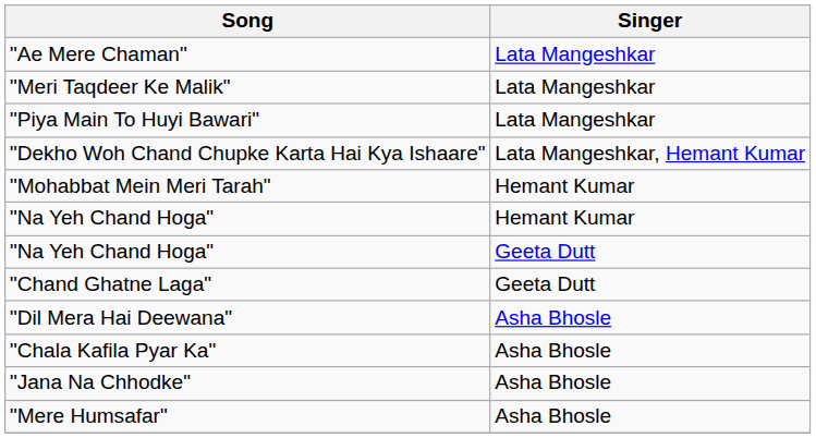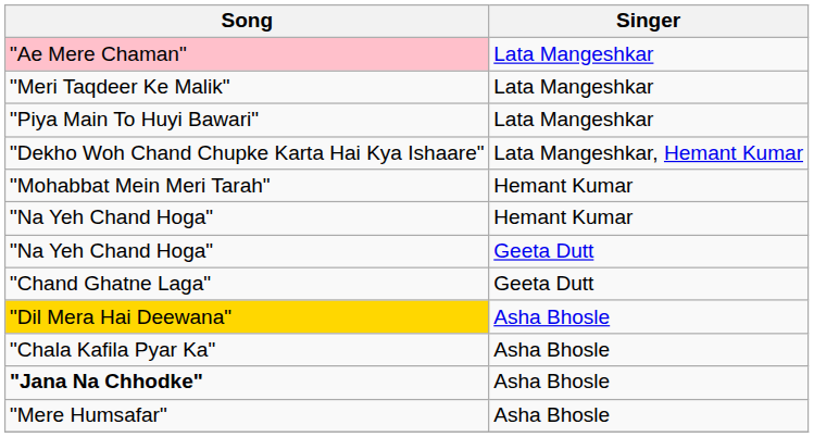 <table class="wikitable">
 <tr>
 <th>Song</th>
 <th>Singer</th>
 </tr>
 <tr>
-<td>"Ae Mere Chaman"</td>
+<td style="background: pink;">"Ae Mere Chaman"</td>
 <td><a href='#'>Lata Mangeshkar</a></td>
 </tr>
 <tr>
 <td>"Meri Taqdeer Ke Malik"</td>
 <td>Lata Mangeshkar</td>
 </tr>
 <tr>
 <td>"Piya Main To Huyi Bawari"</td>
 <td>Lata Mangeshkar</td>
 </tr>
 <tr>
 <td>"Dekho Woh Chand Chupke Karta Hai Kya Ishaare"</td>
 <td>Lata Mangeshkar, <a href='#'>Hemant Kumar</a></td>
 </tr>
 <tr>
 <td>"Mohabbat Mein Meri Tarah"</td>
 <td>Hemant Kumar</td>
 </tr>
 <tr>
 <td>"Na Yeh Chand Hoga"</td>
 <td>Hemant Kumar</td>
 </tr>
 <tr>
 <td>"Na Yeh Chand Hoga"</td>
 <td><a href='#'>Geeta Dutt</a></td>
 </tr>
 <tr>
 <td>"Chand Ghatne Laga"</td>
 <td>Geeta Dutt</td>
 </tr>
 <tr>
-<td>"Dil Mera Hai Deewana"</td>
+<td style="background: gold;">"Dil Mera Hai Deewana"</td>
 <td><a href='#'>Asha Bhosle</a></td>
 </tr>
 <tr>
 <td>"Chala Kafila Pyar Ka"</td>
 <td>Asha Bhosle</td>
 </tr>
 <tr>
-<td>"Jana Na Chhodke"</td>
+<td><strong>"Jana Na Chhodke"</strong></td>
 <td>Asha Bhosle</td>
 </tr>
 <tr>
 <td>"Mere Humsafar"</td>
 <td>Asha Bhosle</td>
 </tr>
 <tr>
 </tr>
 </table>
